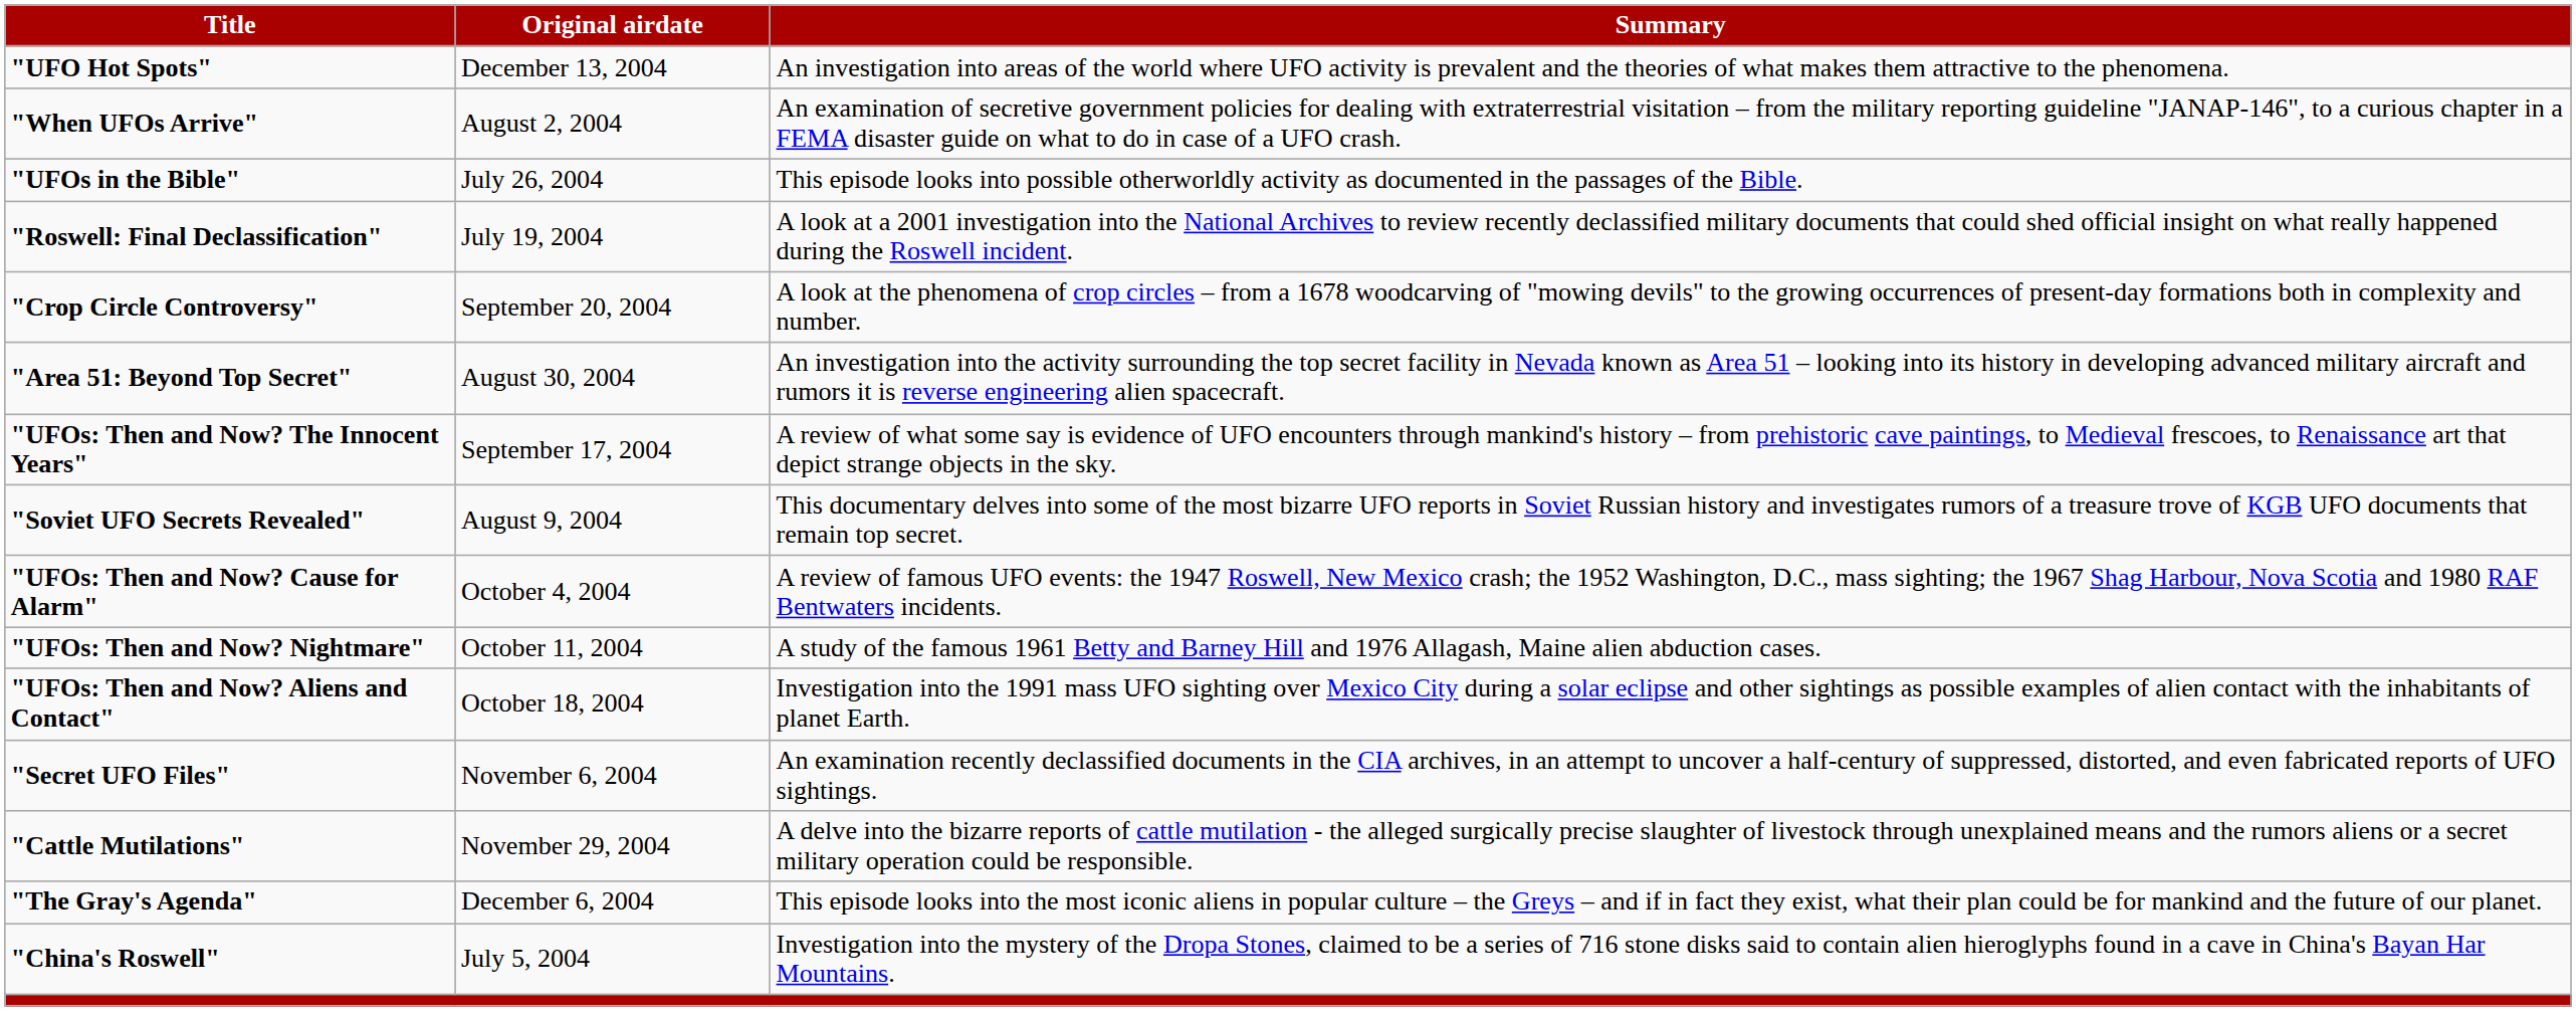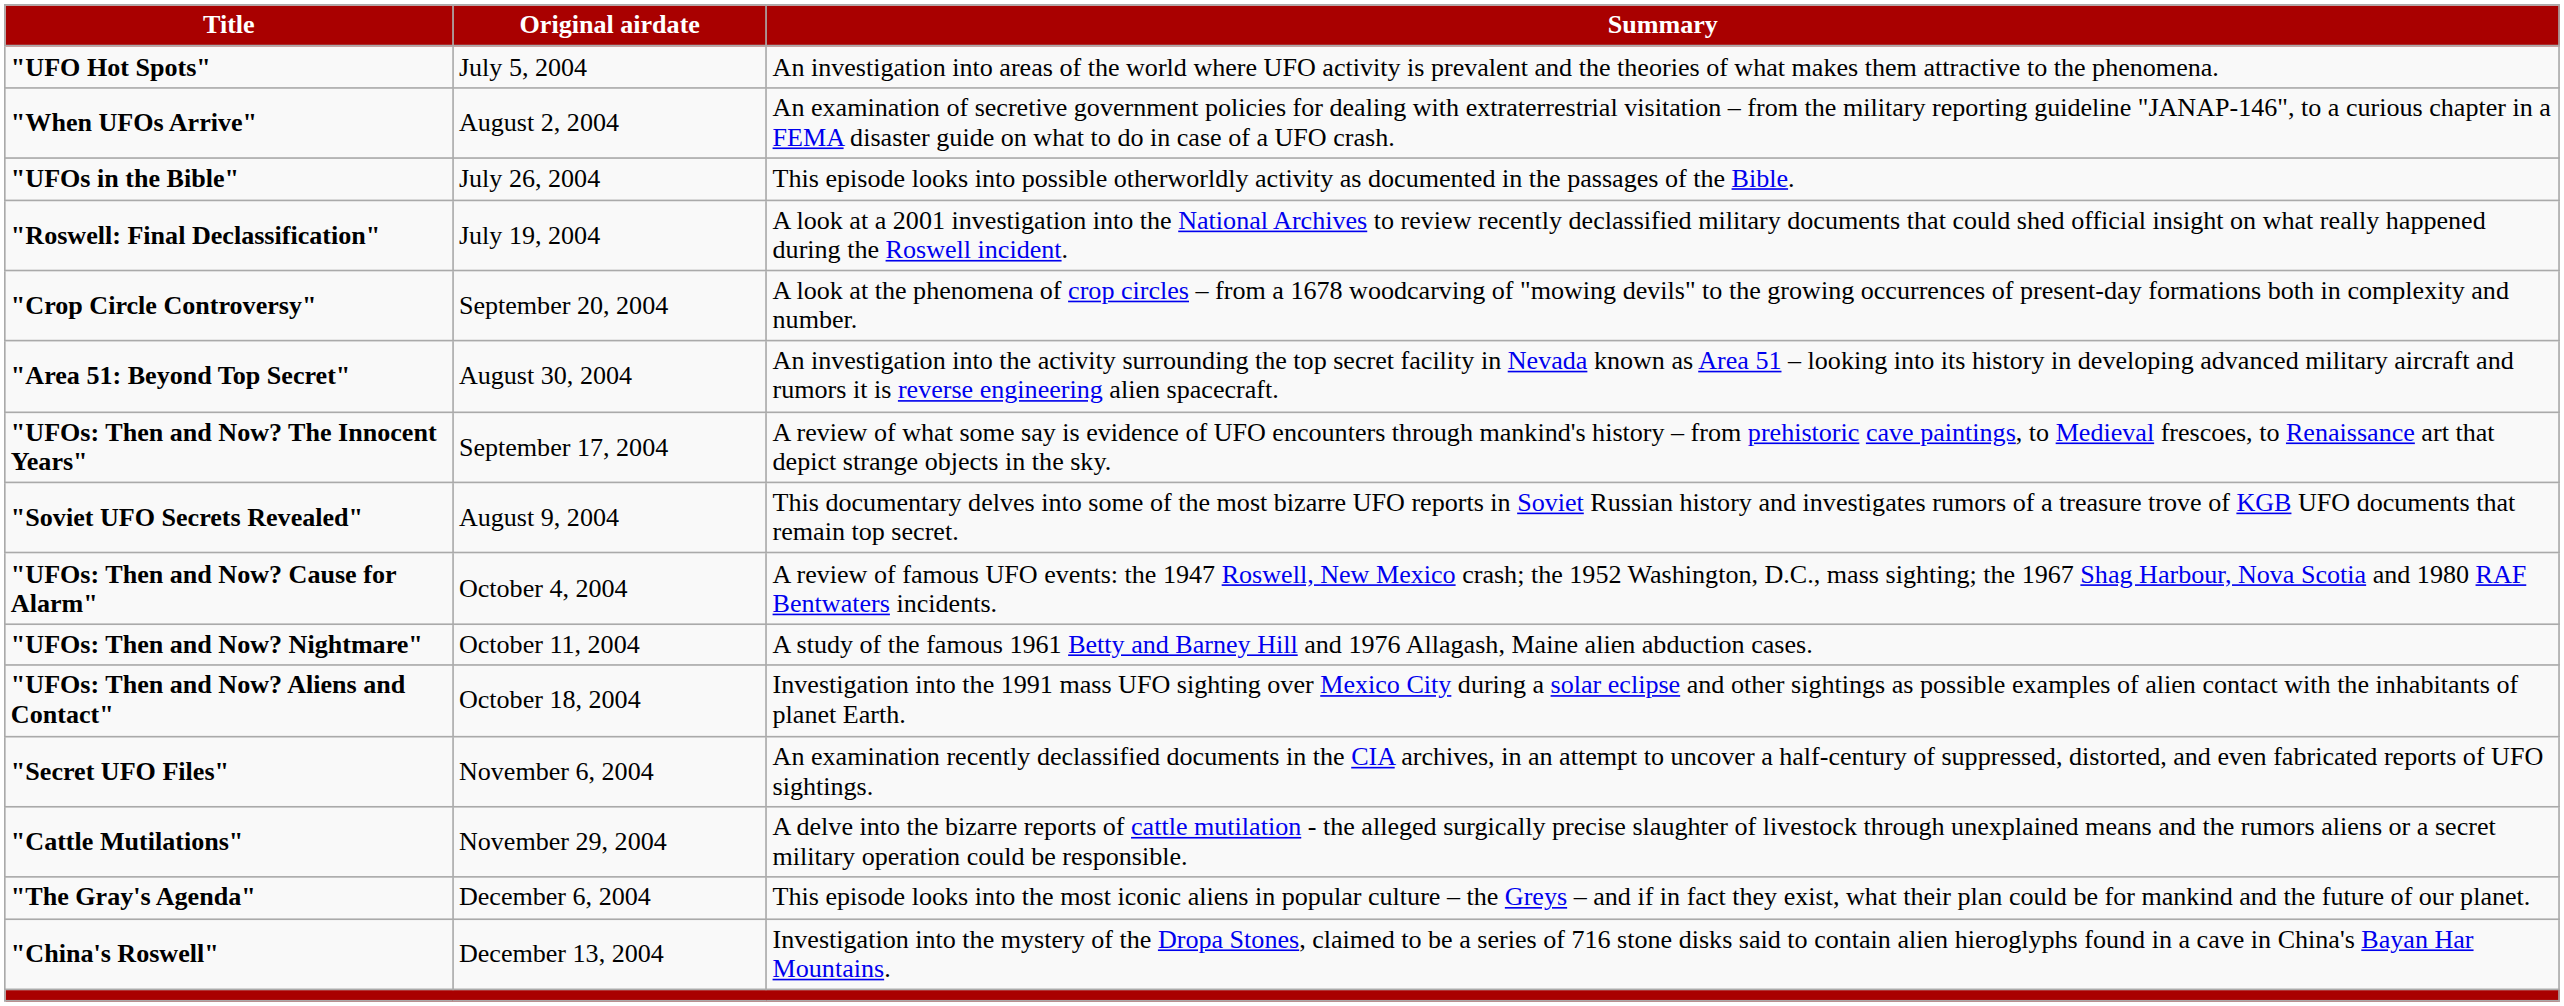 <table class="wikitable">
 <tr>
 <th style="background:#a90000; color:#fff; width:10%;">Title</th>
 <th style="background:#a90000; color:#fff; width:7%;">Original airdate</th>
 <th style="background:#a90000; color:#fff; width:40%;">Summary</th>
 </tr>
 <tr>
 <td><strong>"UFO Hot Spots"</strong></td>
-<td>December 13, 2004</td>
+<td>July 5, 2004</td>
 <td>An investigation into areas of the world where UFO activity is prevalent and the theories of what makes them attractive to the phenomena.</td>
 </tr>
 <tr>
 <td><strong>"When UFOs Arrive"</strong></td>
 <td>August 2, 2004</td>
 <td>An examination of secretive government policies for dealing with extraterrestrial visitation – from the military reporting guideline "JANAP-146", to a curious chapter in a <a href='#'>FEMA</a> disaster guide on what to do in case of a UFO crash.</td>
 </tr>
 <tr>
 <td><strong>"UFOs in the Bible"</strong></td>
 <td>July 26, 2004</td>
 <td>This episode looks into possible otherworldly activity as documented in the passages of the <a href='#'>Bible</a>.</td>
 </tr>
 <tr>
 <td><strong>"Roswell: Final Declassification"</strong></td>
 <td>July 19, 2004</td>
 <td>A look at a 2001 investigation into the <a href='#'>National Archives</a> to review recently declassified military documents that could shed official insight on what really happened during the <a href='#'>Roswell incident</a>.</td>
 </tr>
 <tr>
 <td><strong>"Crop Circle Controversy"</strong></td>
 <td>September 20, 2004</td>
 <td>A look at the phenomena of <a href='#'>crop circles</a> – from a 1678 woodcarving of "mowing devils" to the growing occurrences of present-day formations both in complexity and number.</td>
 </tr>
 <tr>
 <td><strong>"Area 51: Beyond Top Secret"</strong></td>
 <td>August 30, 2004</td>
 <td>An investigation into the activity surrounding the top secret facility in <a href='#'>Nevada</a> known as <a href='#'>Area 51</a> – looking into its history in developing advanced military aircraft and rumors it is <a href='#'>reverse engineering</a> alien spacecraft.</td>
 </tr>
 <tr>
 <td><strong>"UFOs: Then and Now? The Innocent Years"</strong></td>
 <td>September 17, 2004</td>
 <td>A review of what some say is evidence of UFO encounters through mankind's history – from <a href='#'>prehistoric</a> <a href='#'>cave paintings</a>, to <a href='#'>Medieval</a> frescoes, to <a href='#'>Renaissance</a> art that depict strange objects in the sky.</td>
 </tr>
 <tr>
 <td><strong>"Soviet UFO Secrets Revealed"</strong></td>
 <td>August 9, 2004</td>
 <td>This documentary delves into some of the most bizarre UFO reports in <a href='#'>Soviet</a> Russian history and investigates rumors of a treasure trove of <a href='#'>KGB</a> UFO documents that remain top secret.</td>
 </tr>
 <tr>
 <td><strong>"UFOs: Then and Now? Cause for Alarm"</strong></td>
 <td>October 4, 2004</td>
 <td>A review of famous UFO events: the 1947 <a href='#'>Roswell, New Mexico</a> crash; the 1952 Washington, D.C., mass sighting; the 1967 <a href='#'>Shag Harbour, Nova Scotia</a> and 1980 <a href='#'>RAF Bentwaters</a> incidents.</td>
 </tr>
 <tr>
 <td><strong>"UFOs: Then and Now? Nightmare"</strong></td>
 <td>October 11, 2004</td>
 <td>A study of the famous 1961 <a href='#'>Betty and Barney Hill</a> and 1976 Allagash, Maine alien abduction cases.</td>
 </tr>
 <tr>
 <td><strong>"UFOs: Then and Now? Aliens and Contact"</strong></td>
 <td>October 18, 2004</td>
 <td>Investigation into the 1991 mass UFO sighting over <a href='#'>Mexico City</a> during a <a href='#'>solar eclipse</a> and other sightings as possible examples of alien contact with the inhabitants of planet Earth.</td>
 </tr>
 <tr>
 <td><strong>"Secret UFO Files"</strong></td>
 <td>November 6, 2004</td>
 <td>An examination recently declassified documents in the <a href='#'>CIA</a> archives, in an attempt to uncover a half-century of suppressed, distorted, and even fabricated reports of UFO sightings.</td>
 </tr>
 <tr>
 <td><strong>"Cattle Mutilations"</strong></td>
 <td>November 29, 2004</td>
 <td>A delve into the bizarre reports of <a href='#'>cattle mutilation</a> - the alleged surgically precise slaughter of livestock through unexplained means and the rumors aliens or a secret military operation could be responsible.</td>
 </tr>
 <tr>
 <td><strong>"The Gray's Agenda"</strong></td>
 <td>December 6, 2004</td>
 <td>This episode looks into the most iconic aliens in popular culture – the <a href='#'>Greys</a> – and if in fact they exist, what their plan could be for mankind and the future of our planet.</td>
 </tr>
 <tr>
 <td><strong>"China's Roswell"</strong></td>
-<td>July 5, 2004</td>
+<td>December 13, 2004</td>
 <td>Investigation into the mystery of the <a href='#'>Dropa Stones</a>, claimed to be a series of 716 stone disks said to contain alien hieroglyphs found in a cave in China's <a href='#'>Bayan Har Mountains</a>.</td>
 </tr>
 <tr>
 <td style="background:#a90000;" colspan="5"></td>
 </tr>
 </table>
